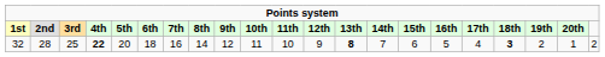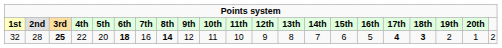 <table border="2" cellpadding="2" cellspacing="0" style="margin:0 1em 0 0; background:#f9f9f9; border:1px #aaa solid; border-collapse:collapse; font-size:85%; text-align:center">
 <tr>
 <th colspan="22">Points system</th>
 </tr>
 <tr>
 <td style="background:#ffffbf;"> <strong>1st</strong> </td>
 <td style="background:#dfdfdf;"> <strong>2nd</strong> </td>
 <td style="background:#ffdf9f;"> <strong>3rd</strong> </td>
 <td style="background:#dfffdf;"> <strong>4th</strong> </td>
 <td style="background:#dfffdf;"> <strong>5th</strong> </td>
 <td style="background:#dfffdf;"> <strong>6th</strong> </td>
 <td style="background:#dfffdf;"> <strong>7th</strong> </td>
 <td style="background:#dfffdf;"> <strong>8th</strong> </td>
 <td style="background:#dfffdf;"> <strong>9th</strong> </td>
 <td style="background:#dfffdf;"> <strong>10th</strong> </td>
 <td style="background:#dfffdf;"> <strong>11th</strong> </td>
 <td style="background:#dfffdf;"> <strong>12th</strong> </td>
 <td style="background:#dfffdf;"> <strong>13th</strong> </td>
 <td style="background:#dfffdf;"> <strong>14th</strong> </td>
 <td style="background:#dfffdf;"> <strong>15th</strong> </td>
 <td style="background:#dfffdf;"> <strong>16th</strong> </td>
 <td style="background:#dfffdf;"> <strong>17th</strong> </td>
 <td style="background:#dfffdf;"> <strong>18th</strong> </td>
 <td style="background:#dfffdf;"> <strong>19th</strong> </td>
 <td style="background:#dfffdf;"> <strong>20th</strong> </td>
 <th></th>
 </tr>
 <tr>
 <td>32</td>
 <td>28</td>
-<td>25</td>
-<td><strong>22</strong></td>
+<td><strong>25</strong></td>
+<td>22</td>
 <td>20</td>
-<td>18</td>
+<td><strong>18</strong></td>
 <td>16</td>
-<td>14</td>
+<td><strong>14</strong></td>
 <td>12</td>
 <td>11</td>
 <td>10</td>
 <td>9</td>
-<td><strong>8</strong></td>
+<td>8</td>
 <td>7</td>
 <td>6</td>
 <td>5</td>
-<td>4</td>
+<td><strong>4</strong></td>
 <td><strong>3</strong></td>
 <td>2</td>
 <td>1</td>
 <td>2</td>
 </tr>
 </table>
